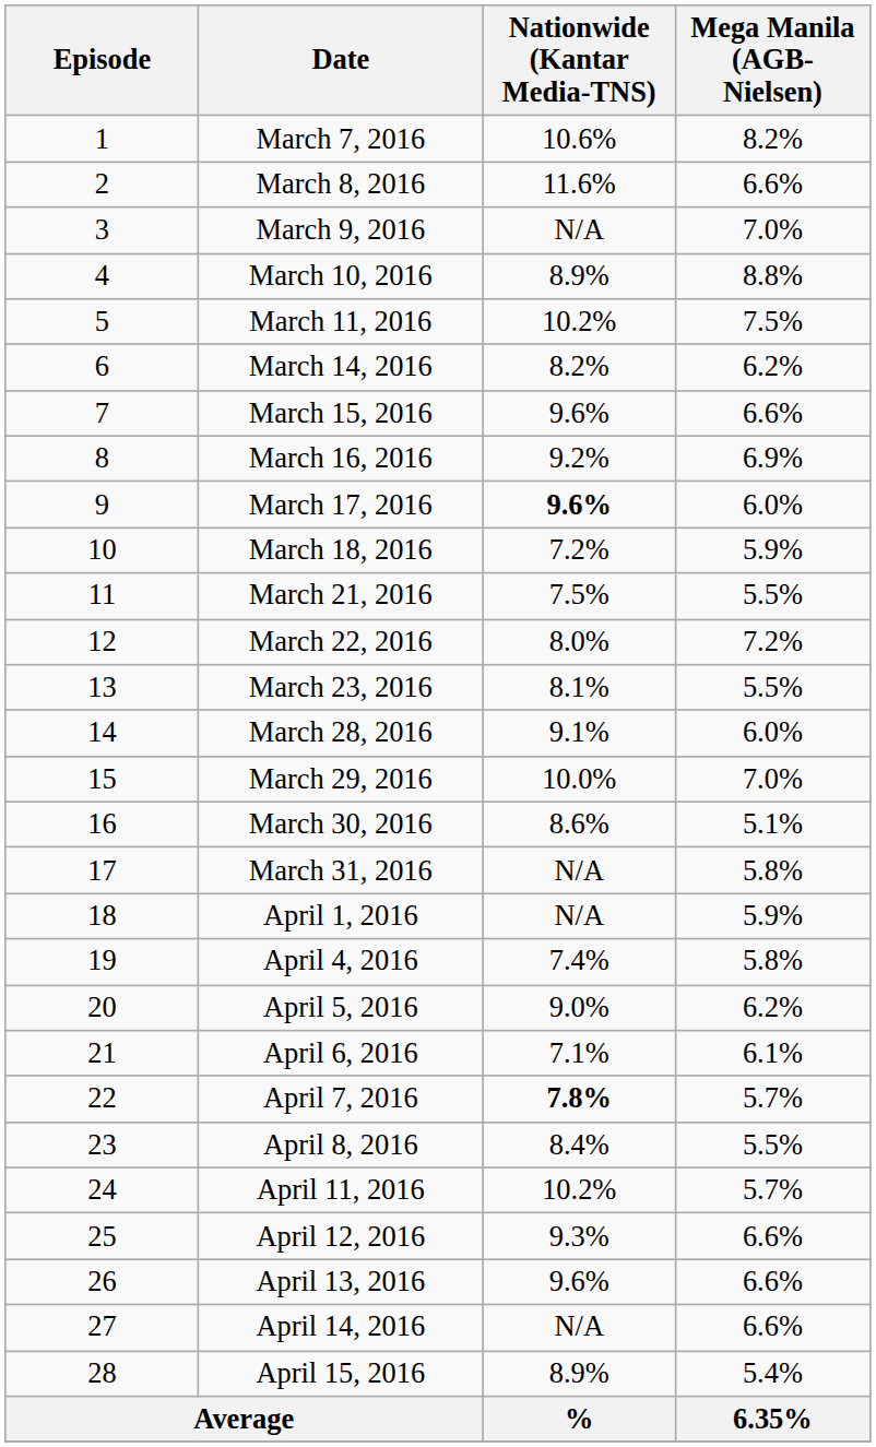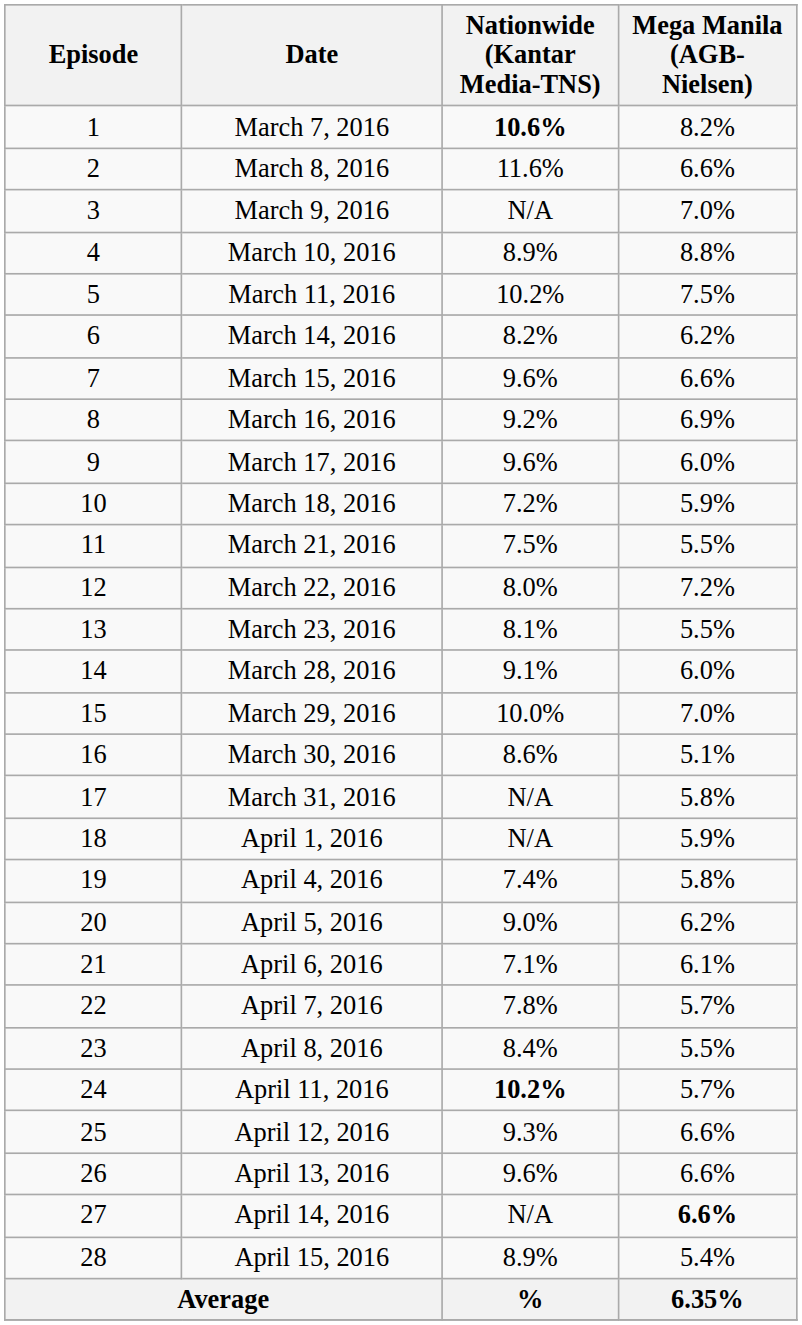 <table class="wikitable">
 <tr>
 <th width=100>Episode</th>
 <th width=150>Date</th>
 <th width=100>Nationwide (Kantar Media-TNS)</th>
 <th width=100>Mega Manila (AGB-Nielsen)</th>
 </tr>
 <tr align=center>
 <td>1</td>
 <td>March 7, 2016</td>
-<td>10.6%</td>
+<td><strong>10.6%</strong></td>
 <td>8.2%</td>
 </tr>
 <tr align=center>
 <td>2</td>
 <td>March 8, 2016</td>
 <td><span>11.6%</span></td>
 <td>6.6%</td>
 </tr>
 <tr align=center>
 <td>3</td>
 <td>March 9, 2016</td>
 <td><span>N/A</span></td>
 <td>7.0%</td>
 </tr>
 <tr align=center>
 <td>4</td>
 <td>March 10, 2016</td>
 <td>8.9%</td>
 <td><span>8.8%</span></td>
 </tr>
 <tr align=center>
 <td>5</td>
 <td>March 11, 2016</td>
 <td>10.2%</td>
 <td>7.5%</td>
 </tr>
 <tr align=center>
 <td>6</td>
 <td>March 14, 2016</td>
 <td>8.2%</td>
 <td>6.2%</td>
 </tr>
 <tr align=center>
 <td>7</td>
 <td>March 15, 2016</td>
 <td>9.6%</td>
 <td>6.6%</td>
 </tr>
 <tr align=center>
 <td>8</td>
 <td>March 16, 2016</td>
 <td>9.2%</td>
 <td>6.9%</td>
 </tr>
 <tr align=center>
 <td>9</td>
 <td>March 17, 2016</td>
-<td><strong>9.6%</strong></td>
+<td>9.6%</td>
 <td>6.0%</td>
 </tr>
 <tr align=center>
 <td>10</td>
 <td>March 18, 2016</td>
 <td>7.2%</td>
 <td>5.9%</td>
 </tr>
 <tr align=center>
 <td>11</td>
 <td>March 21, 2016</td>
 <td>7.5%</td>
 <td>5.5%</td>
 </tr>
 <tr align=center>
 <td>12</td>
 <td>March 22, 2016</td>
 <td>8.0%</td>
 <td>7.2%</td>
 </tr>
 <tr align=center>
 <td>13</td>
 <td>March 23, 2016</td>
 <td>8.1%</td>
 <td>5.5%</td>
 </tr>
 <tr align=center>
 <td>14</td>
 <td>March 28, 2016</td>
 <td>9.1%</td>
 <td>6.0%</td>
 </tr>
 <tr align=center>
 <td>15</td>
 <td>March 29, 2016</td>
 <td>10.0%</td>
 <td>7.0%</td>
 </tr>
 <tr align=center>
 <td>16</td>
 <td>March 30, 2016</td>
 <td>8.6%</td>
 <td><span>5.1%</span></td>
 </tr>
 <tr align=center>
 <td>17</td>
 <td>March 31, 2016</td>
 <td><span>N/A</span></td>
 <td>5.8%</td>
 </tr>
 <tr align=center>
 <td>18</td>
 <td>April 1, 2016</td>
 <td><span>N/A</span></td>
 <td>5.9%</td>
 </tr>
 <tr align=center>
 <td>19</td>
 <td>April 4, 2016</td>
 <td>7.4%</td>
 <td>5.8%</td>
 </tr>
 <tr align=center>
 <td>20</td>
 <td>April 5, 2016</td>
 <td>9.0%</td>
 <td>6.2%</td>
 </tr>
 <tr align=center>
 <td>21</td>
 <td>April 6, 2016</td>
 <td>7.1%</td>
 <td>6.1%</td>
 </tr>
 <tr align=center>
 <td>22</td>
 <td>April 7, 2016</td>
-<td><strong>7.8%</strong></td>
+<td>7.8%</td>
 <td>5.7%</td>
 </tr>
 <tr align=center>
 <td>23</td>
 <td>April 8, 2016</td>
 <td>8.4%</td>
 <td>5.5%</td>
 </tr>
 <tr align=center>
 <td>24</td>
 <td>April 11, 2016</td>
-<td>10.2%</td>
+<td><strong>10.2%</strong></td>
 <td>5.7%</td>
 </tr>
 <tr align=center>
 <td>25</td>
 <td>April 12, 2016</td>
 <td>9.3%</td>
 <td>6.6%</td>
 </tr>
 <tr align=center>
 <td>26</td>
 <td>April 13, 2016</td>
 <td>9.6%</td>
 <td>6.6%</td>
 </tr>
 <tr align=center>
 <td>27</td>
 <td>April 14, 2016</td>
 <td><span>N/A</span></td>
-<td>6.6%</td>
+<td><strong>6.6%</strong></td>
 </tr>
 <tr align=center>
 <td>28</td>
 <td>April 15, 2016</td>
 <td>8.9%</td>
 <td>5.4%</td>
 </tr>
 <tr align=center>
 <th colspan=2>Average</th>
 <th>%</th>
 <th>6.35%</th>
 </tr>
 <tr align="center">
 </tr>
 </table>
